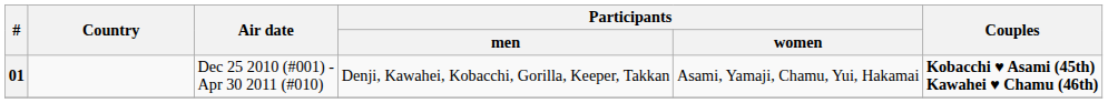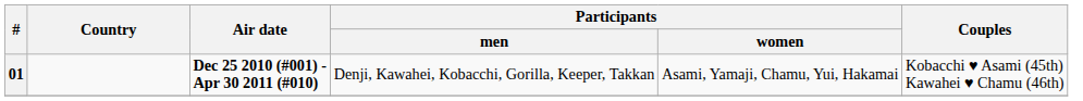 <table class="wikitable">
 <tr>
 <th rowspan="2">#</th>
 <th rowspan="2" style="width:10em;">Country</th>
 <th rowspan="2">Air date</th>
 <th colspan="2">Participants</th>
 <th rowspan="2">Couples</th>
 </tr>
 <tr>
 <th>men</th>
 <th>women</th>
 </tr>
 <tr>
 <th>01</th>
 <td style="width:10em;"></td>
-<td style="white-space:nowrap;">Dec 25 2010 (#001) -<br>Apr 30 2011 (#010)</td>
+<td style="white-space:nowrap;"><strong>Dec 25 2010 (#001) -<br>Apr 30 2011 (#010)</strong></td>
 <td>Denji, Kawahei, Kobacchi, Gorilla, Keeper, Takkan</td>
 <td>Asami, Yamaji, Chamu, Yui, Hakamai</td>
-<td><strong>Kobacchi ♥ Asami (45th)<br>Kawahei ♥ Chamu (46th)</strong></td>
+<td>Kobacchi ♥ Asami (45th)<br>Kawahei ♥ Chamu (46th)</td>
 </tr>
 <tr>
 </tr>
 </table>
